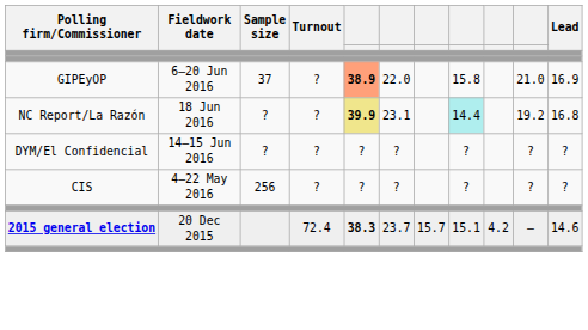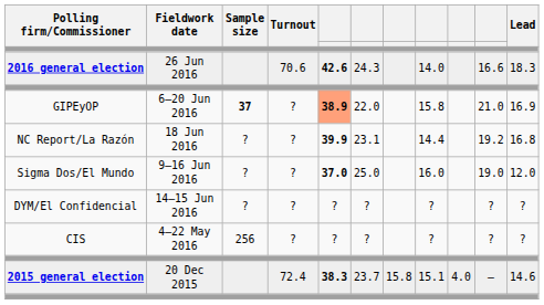 <table class="wikitable collapsible collapsed" style="text-align:center; font-size:95%; line-height:16px;">
 <tr style="height:42px; background-color:#E9E9E9">
 <th style="width:250px;" rowspan="2">Polling firm/Commissioner</th>
 <th style="width:125px;" rowspan="2">Fieldwork date</th>
 <th style="width:50px;" rowspan="2">Sample size</th>
 <th style="width:45px;" rowspan="2">Turnout</th>
 <th style="width:35px;"></th>
 <th style="width:35px;"></th>
 <th style="width:35px;"></th>
 <th style="width:35px;"></th>
 <th style="width:35px;"></th>
 <th style="width:35px;"></th>
 <th style="width:30px;" rowspan="2">Lead</th>
 </tr>
 <tr>
 <th style="color:inherit;background:"></th>
 <th style="color:inherit;background:"></th>
 <th style="color:inherit;background:"></th>
 <th style="color:inherit;background:"></th>
 <th style="color:inherit;background:"></th>
 <th style="color:inherit;background:"></th>
 </tr>
 <tr>
 <td colspan="11" style="background:#A0A0A0"></td>
 </tr>
+<tr style="background:#EFEFEF;">
+<td><strong><a href='#'>2016 general election</a></strong></td>
+<td>26 Jun 2016</td>
+<td></td>
+<td>70.6</td>
+<td><strong>42.6</strong><br></td>
+<td>24.3<br></td>
+<td></td>
+<td>14.0<br></td>
+<td></td>
+<td>16.6<br></td>
+<td style="background:">18.3</td>
+</tr>
 <tr>
 <td colspan="11" style="background:#A0A0A0"></td>
 </tr>
 <tr>
 <td>GIPEyOP</td>
 <td>6–20 Jun 2016</td>
-<td>37</td>
+<td><strong>37</strong></td>
 <td>?</td>
 <td style="background: lightsalmon;"><strong>38.9</strong><br></td>
 <td>22.0<br></td>
 <td></td>
 <td>15.8<br></td>
 <td></td>
 <td>21.0<br></td>
 <td style="background:">16.9</td>
 </tr>
 <tr>
 <td>NC Report/La Razón</td>
 <td>18 Jun 2016</td>
 <td>?</td>
 <td>?</td>
-<td style="background: khaki;"><strong>39.9</strong><br></td>
+<td><strong>39.9</strong><br></td>
 <td>23.1<br></td>
 <td></td>
-<td style="background: paleturquoise;">14.4<br></td>
+<td>14.4<br></td>
 <td></td>
 <td>19.2<br></td>
 <td style="background:">16.8</td>
+</tr>
+<tr>
+<td>Sigma Dos/El Mundo</td>
+<td>9–16 Jun 2016</td>
+<td>?</td>
+<td>?</td>
+<td><strong>37.0</strong><br></td>
+<td>25.0<br></td>
+<td></td>
+<td>16.0<br></td>
+<td></td>
+<td>19.0<br></td>
+<td style="background:">12.0</td>
 </tr>
 <tr>
 <td>DYM/El Confidencial</td>
 <td>14–15 Jun 2016</td>
 <td>?</td>
 <td>?</td>
 <td>?<br></td>
 <td>?<br></td>
 <td></td>
 <td>?<br></td>
 <td></td>
 <td>?<br></td>
 <td style="background:">?</td>
 </tr>
 <tr>
 <td>CIS</td>
 <td>4–22 May 2016</td>
 <td>256</td>
 <td>?</td>
 <td>?<br></td>
 <td>?<br></td>
 <td></td>
 <td>?<br></td>
 <td></td>
 <td>?<br></td>
 <td style="background:">?</td>
 </tr>
 <tr>
 <td colspan="11" style="background:#A0A0A0"></td>
 </tr>
 <tr style="background:#EFEFEF;">
 <td><strong><a href='#'>2015 general election</a></strong></td>
 <td>20 Dec 2015</td>
 <td></td>
 <td>72.4</td>
 <td><strong>38.3</strong><br></td>
 <td>23.7<br></td>
-<td>15.7<br></td>
+<td>15.8<br></td>
 <td>15.1<br></td>
-<td>4.2<br></td>
+<td>4.0<br></td>
 <td>–</td>
 <td style="background:">14.6</td>
 </tr>
 <tr>
 <td colspan="11" style="background:#A0A0A0"></td>
 </tr>
 </table>
